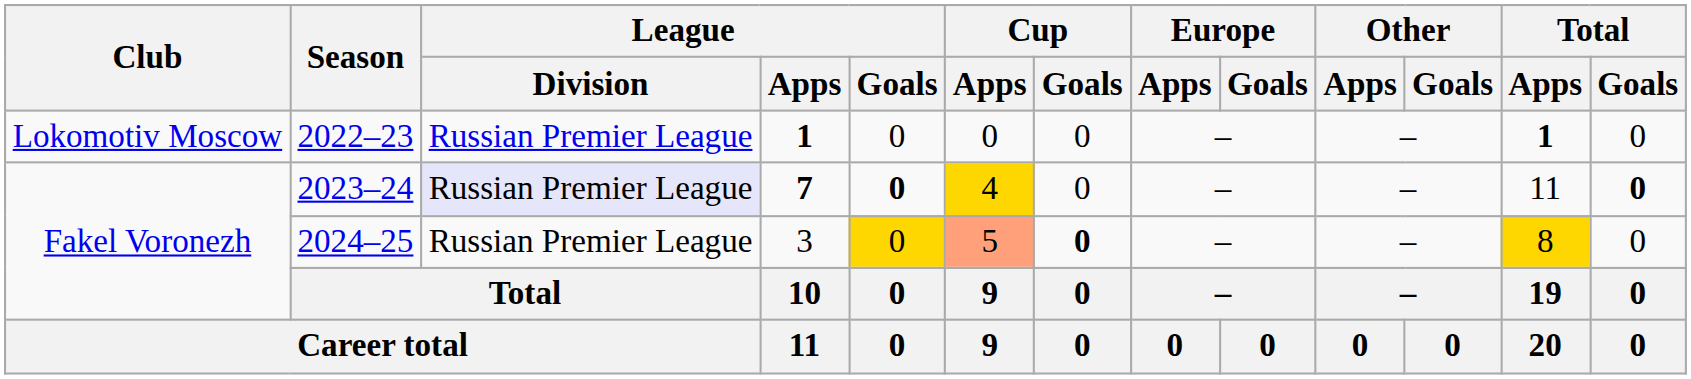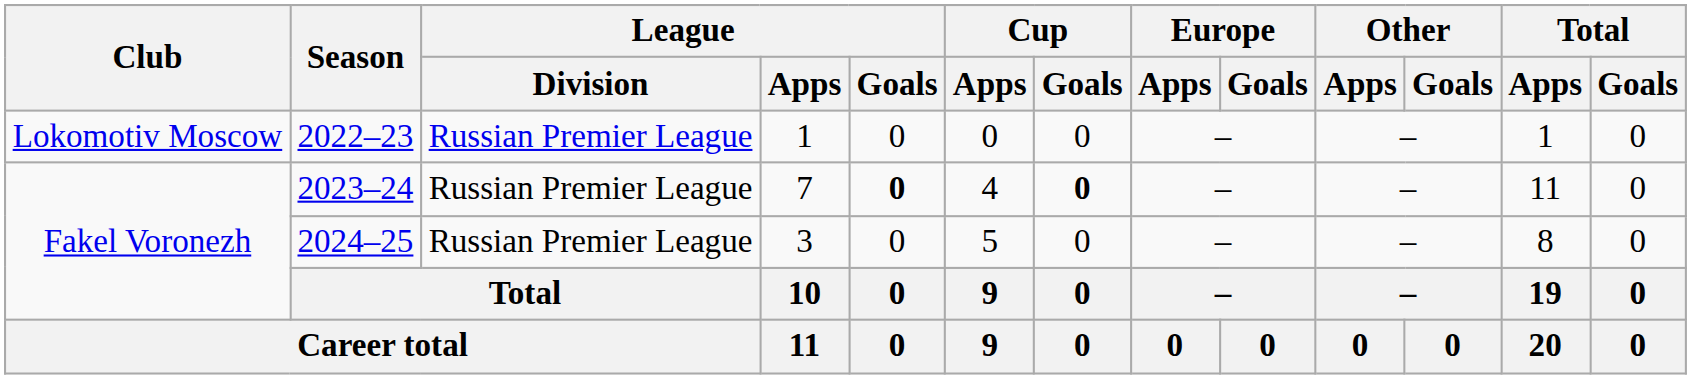 <table class="wikitable" style="text-align:center">
 <tr>
 <th rowspan="2">Club</th>
 <th rowspan="2">Season</th>
 <th colspan="3">League</th>
 <th colspan="2">Cup</th>
 <th colspan="2">Europe</th>
 <th colspan="2">Other</th>
 <th colspan="2">Total</th>
 </tr>
 <tr>
 <th>Division</th>
 <th>Apps</th>
 <th>Goals</th>
 <th>Apps</th>
 <th>Goals</th>
 <th>Apps</th>
 <th>Goals</th>
 <th>Apps</th>
 <th>Goals</th>
 <th>Apps</th>
 <th>Goals</th>
 </tr>
 <tr>
 <td><a href='#'>Lokomotiv Moscow</a></td>
 <td><a href='#'>2022–23</a></td>
 <td><a href='#'>Russian Premier League</a></td>
-<td><strong>1</strong></td>
+<td>1</td>
 <td>0</td>
 <td>0</td>
 <td>0</td>
 <td colspan="2">–</td>
 <td colspan="2">–</td>
-<td><strong>1</strong></td>
+<td>1</td>
 <td>0</td>
 </tr>
 <tr>
 <td rowspan="3"><a href='#'>Fakel Voronezh</a></td>
 <td><a href='#'>2023–24</a></td>
-<td style="background: lavender;">Russian Premier League</td>
-<td><strong>7</strong></td>
+<td>Russian Premier League</td>
+<td>7</td>
 <td><strong>0</strong></td>
-<td style="background: gold;">4</td>
-<td>0</td>
+<td>4</td>
+<td><strong>0</strong></td>
 <td colspan="2">–</td>
 <td colspan="2">–</td>
 <td>11</td>
-<td><strong>0</strong></td>
+<td>0</td>
 </tr>
 <tr>
 <td><a href='#'>2024–25</a></td>
 <td>Russian Premier League</td>
 <td>3</td>
-<td style="background: gold;">0</td>
-<td style="background: lightsalmon;">5</td>
-<td><strong>0</strong></td>
+<td>0</td>
+<td>5</td>
+<td>0</td>
 <td colspan="2">–</td>
 <td colspan="2">–</td>
-<td style="background: gold;">8</td>
+<td>8</td>
 <td>0</td>
 </tr>
 <tr>
 <th colspan="2">Total</th>
 <th>10</th>
 <th>0</th>
 <th>9</th>
 <th>0</th>
 <th colspan="2">–</th>
 <th colspan="2">–</th>
 <th>19</th>
 <th>0</th>
 </tr>
 <tr>
 <th colspan="3">Career total</th>
 <th>11</th>
 <th>0</th>
 <th>9</th>
 <th>0</th>
 <th>0</th>
 <th>0</th>
 <th>0</th>
 <th>0</th>
 <th>20</th>
 <th>0</th>
 </tr>
 </table>
